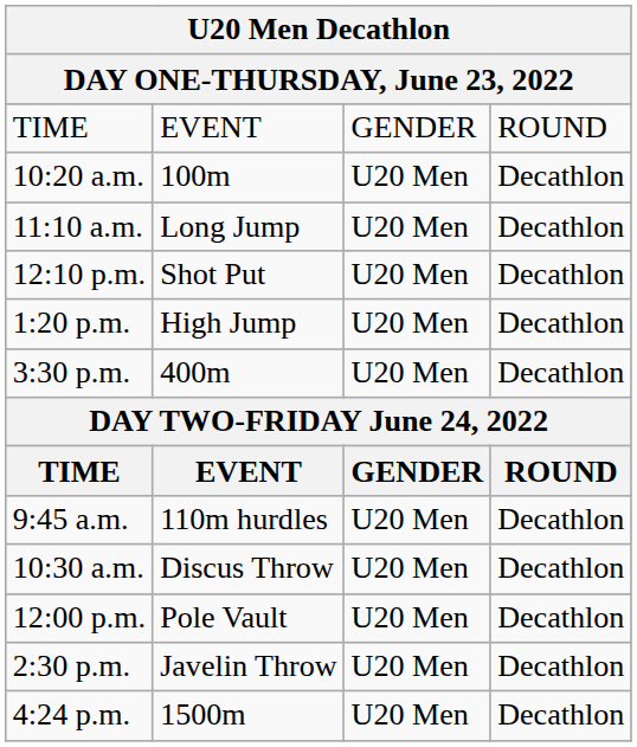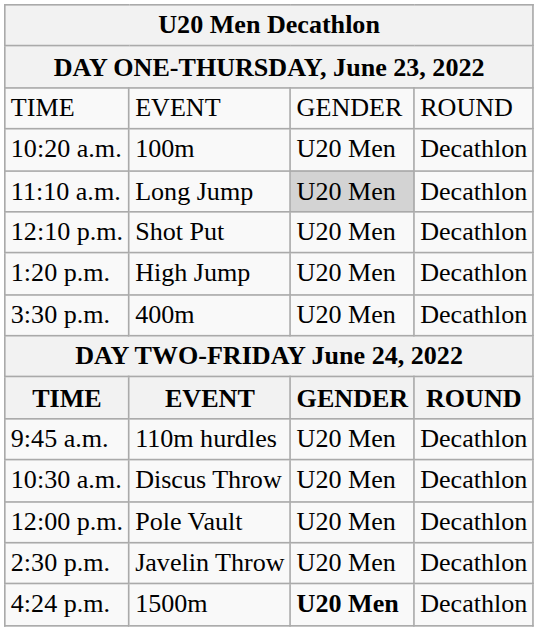 <table class="wikitable sortable">
 <tr>
 <th colspan="6">U20 Men Decathlon</th>
 </tr>
 <tr>
 <th colspan="6">DAY ONE-THURSDAY, June 23, 2022</th>
 </tr>
 <tr>
 <td>TIME</td>
 <td>EVENT</td>
 <td>GENDER</td>
 <td>ROUND</td>
 </tr>
 <tr>
 <td>10:20 a.m.</td>
 <td>100m</td>
 <td>U20 Men</td>
 <td>Decathlon</td>
 </tr>
 <tr>
 <td>11:10 a.m.</td>
 <td>Long Jump</td>
-<td>U20 Men</td>
+<td style="background: lightgrey;">U20 Men</td>
 <td>Decathlon</td>
 </tr>
 <tr>
 <td>12:10 p.m.</td>
 <td>Shot Put</td>
 <td>U20 Men</td>
 <td>Decathlon</td>
 </tr>
 <tr>
 <td>1:20 p.m.</td>
 <td>High Jump</td>
 <td>U20 Men</td>
 <td>Decathlon</td>
 </tr>
 <tr>
 <td>3:30 p.m.</td>
 <td>400m</td>
 <td>U20 Men</td>
 <td>Decathlon</td>
 </tr>
 <tr>
 <th colspan="6">DAY TWO-FRIDAY June 24, 2022</th>
 </tr>
 <tr>
 <th>TIME</th>
 <th>EVENT</th>
 <th>GENDER</th>
 <th>ROUND</th>
 </tr>
 <tr>
 <td>9:45 a.m.</td>
 <td>110m hurdles</td>
 <td>U20 Men</td>
 <td>Decathlon</td>
 </tr>
 <tr>
 <td>10:30 a.m.</td>
 <td>Discus Throw</td>
 <td>U20 Men</td>
 <td>Decathlon</td>
 </tr>
 <tr>
 <td>12:00 p.m.</td>
 <td>Pole Vault</td>
 <td>U20 Men</td>
 <td>Decathlon</td>
 </tr>
 <tr>
 <td>2:30 p.m.</td>
 <td>Javelin Throw</td>
 <td>U20 Men</td>
 <td>Decathlon</td>
 </tr>
 <tr>
 <td>4:24 p.m.</td>
 <td>1500m</td>
-<td>U20 Men</td>
+<td><strong>U20 Men</strong></td>
 <td>Decathlon</td>
 </tr>
 </table>
